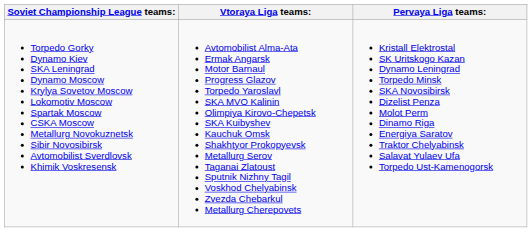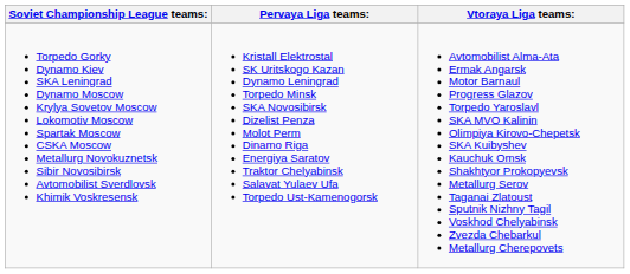 <table class="wikitable">
 <tr valign="top" bgcolor="#e0e0e0">
 <th align="center" width="33%"><a href='#'>Soviet Championship League</a> teams:</th>
+<th align="center" width="33%"><a href='#'>Pervaya Liga</a> teams:</th>
 <th align="center" width="33%"><a href='#'>Vtoraya Liga</a> teams:</th>
-<th align="center" width="33%"><a href='#'>Pervaya Liga</a> teams:</th>
 </tr>
 <tr valign="top">
 <td><br><ul><li><a href='#'>Torpedo Gorky</a></li><li><a href='#'>Dynamo Kiev</a></li><li><a href='#'>SKA Leningrad</a></li><li><a href='#'>Dynamo Moscow</a></li><li><a href='#'>Krylya Sovetov Moscow</a></li><li><a href='#'>Lokomotiv Moscow</a></li><li><a href='#'>Spartak Moscow</a></li><li><a href='#'>CSKA Moscow</a></li><li><a href='#'>Metallurg Novokuznetsk</a></li><li><a href='#'>Sibir Novosibirsk</a></li><li><a href='#'>Avtomobilist Sverdlovsk</a></li><li><a href='#'>Khimik Voskresensk</a></li></ul></td>
+<td><br><ul><li><a href='#'>Kristall Elektrostal</a></li><li><a href='#'>SK Uritskogo Kazan</a></li><li><a href='#'>Dynamo Leningrad</a></li><li><a href='#'>Torpedo Minsk</a></li><li><a href='#'>SKA Novosibirsk</a></li><li><a href='#'>Dizelist Penza</a></li><li><a href='#'>Molot Perm</a></li><li><a href='#'>Dinamo Riga</a></li><li><a href='#'>Energiya Saratov</a></li><li><a href='#'>Traktor Chelyabinsk</a></li><li><a href='#'>Salavat Yulaev Ufa</a></li><li><a href='#'>Torpedo Ust-Kamenogorsk</a></li></ul></td>
 <td><br><ul><li><a href='#'>Avtomobilist Alma-Ata</a></li><li><a href='#'>Ermak Angarsk</a></li><li><a href='#'>Motor Barnaul</a></li><li><a href='#'>Progress Glazov</a></li><li><a href='#'>Torpedo Yaroslavl</a></li><li><a href='#'>SKA MVO Kalinin</a></li><li><a href='#'>Olimpiya Kirovo-Chepetsk</a></li><li><a href='#'>SKA Kuibyshev</a></li><li><a href='#'>Kauchuk Omsk</a></li><li><a href='#'>Shakhtyor Prokopyevsk</a></li><li><a href='#'>Metallurg Serov</a></li><li><a href='#'>Taganai Zlatoust</a></li><li><a href='#'>Sputnik Nizhny Tagil</a></li><li><a href='#'>Voskhod Chelyabinsk</a></li><li><a href='#'>Zvezda Chebarkul</a></li><li><a href='#'>Metallurg Cherepovets</a></li></ul></td>
-<td><br><ul><li><a href='#'>Kristall Elektrostal</a></li><li><a href='#'>SK Uritskogo Kazan</a></li><li><a href='#'>Dynamo Leningrad</a></li><li><a href='#'>Torpedo Minsk</a></li><li><a href='#'>SKA Novosibirsk</a></li><li><a href='#'>Dizelist Penza</a></li><li><a href='#'>Molot Perm</a></li><li><a href='#'>Dinamo Riga</a></li><li><a href='#'>Energiya Saratov</a></li><li><a href='#'>Traktor Chelyabinsk</a></li><li><a href='#'>Salavat Yulaev Ufa</a></li><li><a href='#'>Torpedo Ust-Kamenogorsk</a></li></ul></td>
 </tr>
 </table>
